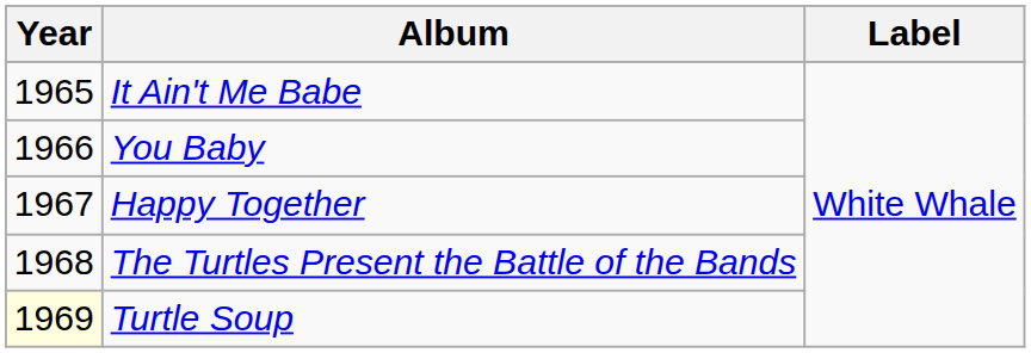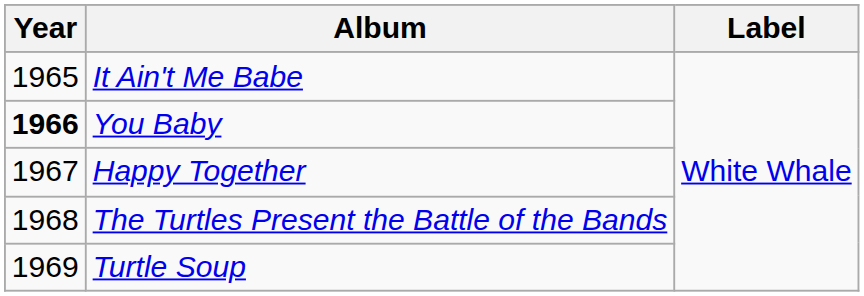 <table class="wikitable sortable">
 <tr>
 <th>Year</th>
 <th>Album</th>
 <th>Label</th>
 </tr>
 <tr>
 <td>1965</td>
 <td><em><a href='#'>It Ain't Me Babe</a></em></td>
 <td rowspan="6"><a href='#'>White Whale</a></td>
 </tr>
 <tr>
-<td>1966</td>
+<td><strong>1966</strong></td>
 <td><em><a href='#'>You Baby</a></em></td>
 </tr>
 <tr>
 <td>1967</td>
 <td><em><a href='#'>Happy Together</a></em></td>
 </tr>
 <tr>
 <td>1968</td>
 <td><em><a href='#'>The Turtles Present the Battle of the Bands</a></em></td>
 </tr>
 <tr>
-<td style="background: lightyellow;">1969</td>
+<td>1969</td>
 <td><em><a href='#'>Turtle Soup</a></em></td>
 </tr>
 </table>
